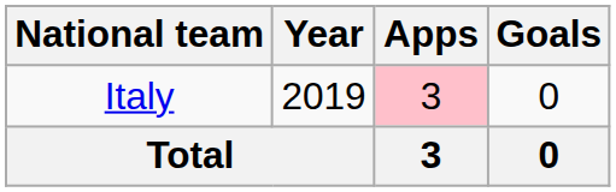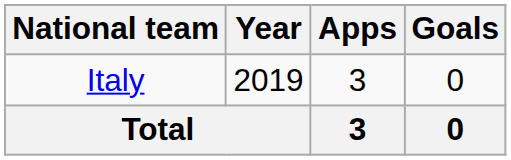 <table class = "wikitable" style = "text-align:center">
 <tr>
 <th>National team</th>
 <th>Year</th>
 <th>Apps</th>
 <th>Goals</th>
 </tr>
 <tr>
 <td><a href='#'>Italy</a></td>
 <td>2019</td>
-<td style="background: pink;">3</td>
+<td>3</td>
 <td>0</td>
 </tr>
 <tr>
 <th colspan="2">Total</th>
 <th>3</th>
 <th>0</th>
 </tr>
 </table>
